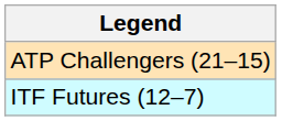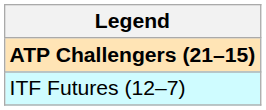 <table class=wikitable>
 <tr>
 <th>Legend</th>
 </tr>
 <tr bgcolor=moccasin>
-<td>ATP Challengers (21–15)</td>
+<td><strong>ATP Challengers (21–15)</strong></td>
 </tr>
 <tr bgcolor=cffcff>
 <td>ITF Futures (12–7)</td>
 </tr>
 </table>
